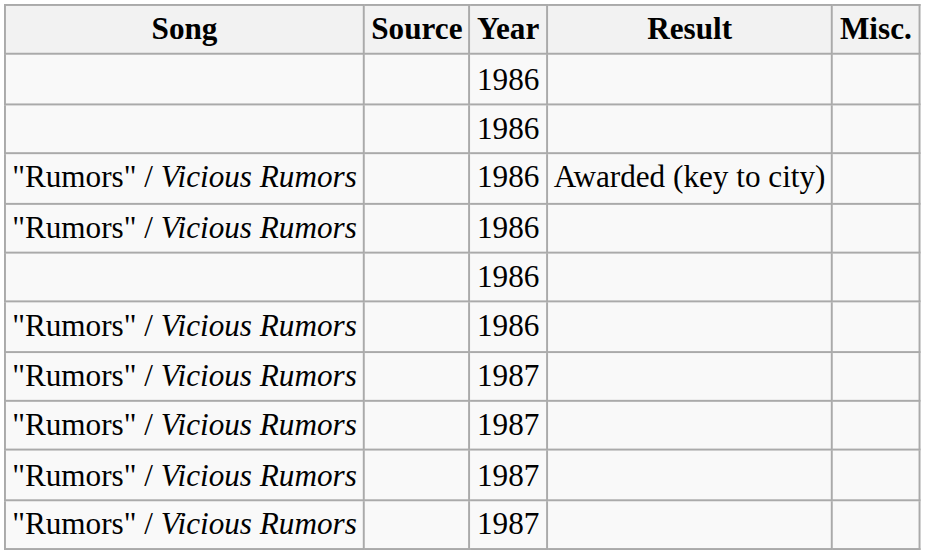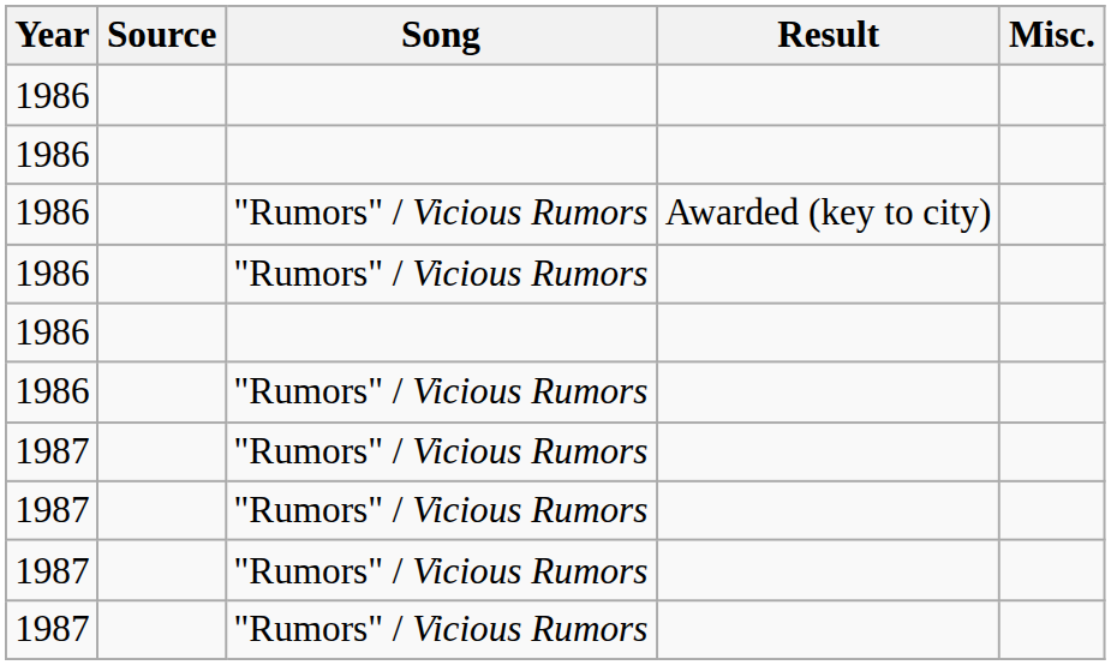 <table class="wikitable">
 <tr>
+<th>Year</th>
+<th>Source</th>
 <th>Song</th>
-<th>Source</th>
-<th>Year</th>
 <th>Result</th>
 <th>Misc.</th>
 </tr>
 <tr>
+<td>1986</td>
 <td></td>
 <td></td>
-<td>1986</td>
 <td></td>
 <td></td>
 </tr>
 <tr>
+<td>1986</td>
 <td></td>
 <td></td>
-<td>1986</td>
 <td></td>
 <td></td>
 </tr>
 <tr>
+<td>1986</td>
+<td></td>
 <td>"Rumors" / <em>Vicious Rumors</em></td>
-<td></td>
-<td>1986</td>
 <td>Awarded (key to city)</td>
 <td></td>
 </tr>
 <tr>
+<td>1986</td>
+<td></td>
 <td>"Rumors" / <em>Vicious Rumors</em></td>
-<td></td>
-<td>1986</td>
 <td></td>
 <td></td>
 </tr>
 <tr>
+<td>1986</td>
 <td></td>
 <td></td>
-<td>1986</td>
 <td></td>
 <td></td>
 </tr>
 <tr>
+<td>1986</td>
+<td></td>
 <td>"Rumors" / <em>Vicious Rumors</em></td>
-<td></td>
-<td>1986</td>
 <td></td>
 <td></td>
 </tr>
 <tr>
+<td>1987</td>
+<td></td>
 <td>"Rumors" / <em>Vicious Rumors</em></td>
-<td></td>
-<td>1987</td>
 <td></td>
 <td></td>
 </tr>
 <tr>
+<td>1987</td>
+<td></td>
 <td>"Rumors" / <em>Vicious Rumors</em></td>
-<td></td>
-<td>1987</td>
 <td></td>
 <td></td>
 </tr>
 <tr>
+<td>1987</td>
+<td></td>
 <td>"Rumors" / <em>Vicious Rumors</em></td>
-<td></td>
-<td>1987</td>
 <td></td>
 <td></td>
 </tr>
 <tr>
+<td>1987</td>
+<td></td>
 <td>"Rumors" / <em>Vicious Rumors</em></td>
-<td></td>
-<td>1987</td>
 <td></td>
 <td></td>
 </tr>
 </table>
